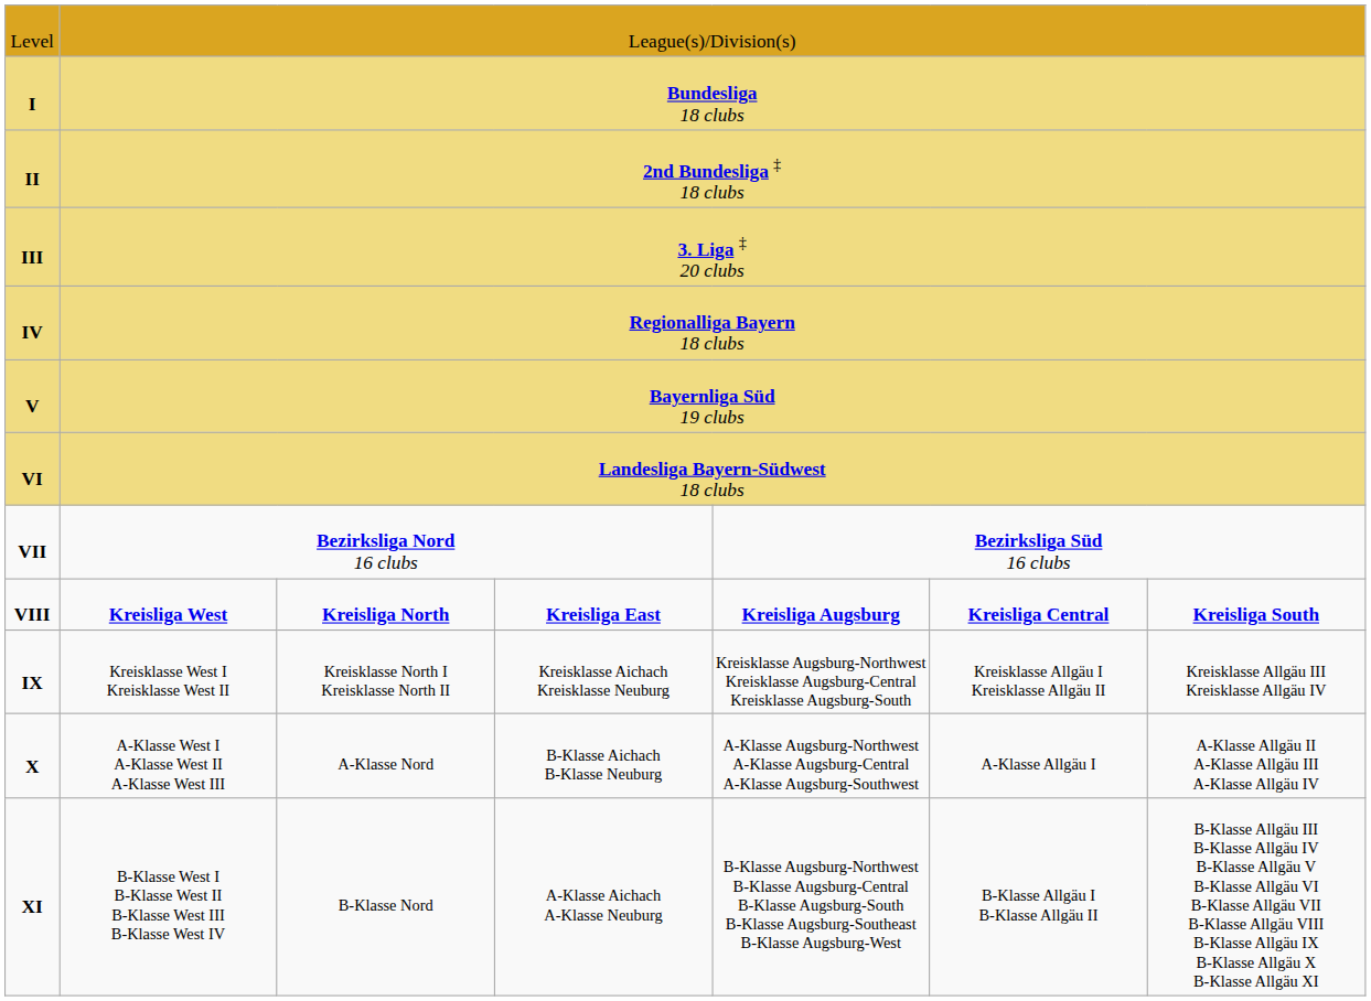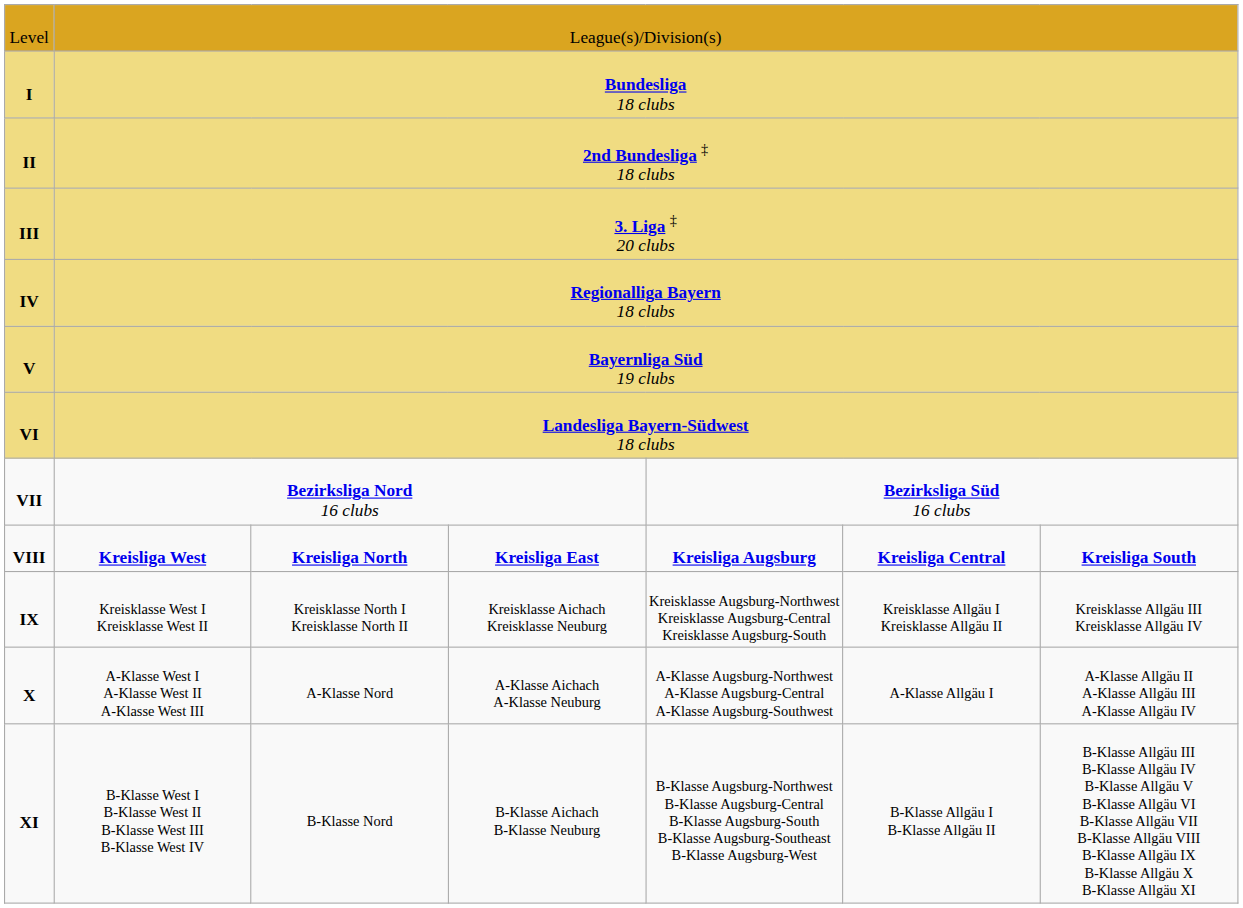 <table class="wikitable" style="text-align: center;">
 <tr>
 <td colspan="1" width="4%" bgcolor="#DAA520"><br>Level</td>
 <td colspan="28" width="96%" bgcolor="#DAA520"><br>League(s)/Division(s)</td>
 </tr>
 <tr>
 <td colspan="1" width="4%"  bgcolor="#F0DC82"><br><strong>I</strong></td>
 <td colspan="28" width="96%" bgcolor="#F0DC82"><br><strong><a href='#'>Bundesliga</a></strong><br> <em>18 clubs</em></td>
 </tr>
 <tr>
 <td colspan="1" width="4%"  bgcolor="#F0DC82"><br><strong>II</strong></td>
 <td colspan="28" width="96%" bgcolor="#F0DC82"><br><strong><a href='#'>2nd Bundesliga</a></strong> <sup>‡</sup><br> <em>18 clubs</em></td>
 </tr>
 <tr>
 <td colspan="1" width="4%"  bgcolor="#F0DC82"><br><strong>III</strong></td>
 <td colspan="28" width="96%" bgcolor="#F0DC82"><br><strong><a href='#'>3. Liga</a></strong> <sup>‡</sup><br> <em>20 clubs</em></td>
 </tr>
 <tr>
 <td colspan="1" width="4%"  bgcolor="#F0DC82"><br><strong>IV</strong></td>
 <td colspan="28" width="96%" bgcolor="#F0DC82"><br><strong><a href='#'>Regionalliga Bayern</a></strong><br> <em>18 clubs</em></td>
 </tr>
 <tr>
 <td colspan="1" width="4%"  bgcolor="#F0DC82"><br><strong>V</strong></td>
 <td colspan="28" width="96%" bgcolor="#F0DC82"><br><strong><a href='#'>Bayernliga Süd</a></strong><br> <em>19 clubs</em></td>
 </tr>
 <tr>
 <td colspan="1" width="4%" bgcolor="#F0DC82"><br><strong>VI</strong></td>
 <td colspan="28" width="96%" bgcolor="#F0DC82"><br><strong><a href='#'>Landesliga Bayern-Südwest</a></strong><br> <em>18 clubs</em></td>
 </tr>
 <tr>
 <td colspan="1" width="4%"><br><strong>VII</strong></td>
 <td colspan="3" width="48%"><br><strong><a href='#'>Bezirksliga Nord</a></strong><br> <em>16 clubs</em></td>
 <td colspan="3" width="48%"><br><strong><a href='#'>Bezirksliga Süd</a></strong><br> <em>16 clubs</em></td>
 </tr>
 <tr>
 <td colspan="1" width="4%"><br><strong>VIII</strong></td>
 <td colspan="1" width="16%"><br><strong><a href='#'>Kreisliga West</a></strong><br></td>
 <td colspan="1" width="16%"><br><strong><a href='#'>Kreisliga North</a></strong><br></td>
 <td colspan="1" width="16%"><br><strong><a href='#'>Kreisliga East</a></strong><br></td>
 <td colspan="1" width="16%"><br><strong><a href='#'>Kreisliga Augsburg</a></strong><br></td>
 <td colspan="1" width="16%"><br><strong><a href='#'>Kreisliga Central</a></strong><br></td>
 <td colspan="1" width="16%"><br><strong><a href='#'>Kreisliga South</a></strong><br></td>
 </tr>
 <tr>
 <td colspan="1" width="4%"><br><strong>IX</strong></td>
 <td colspan="1" width="16%" style="font-size: smaller;"><br>Kreisklasse West I<br> Kreisklasse West II<br></td>
 <td colspan="1" width="16%" style="font-size: smaller;"><br>Kreisklasse North I<br> Kreisklasse North II<br></td>
 <td colspan="1" width="16%" style="font-size: smaller;"><br>Kreisklasse Aichach<br> Kreisklasse Neuburg<br></td>
 <td colspan="1" width="16%" style="font-size: smaller;"><br>Kreisklasse Augsburg-Northwest<br> Kreisklasse Augsburg-Central<br> Kreisklasse Augsburg-South<br></td>
 <td colspan="1" width="16%" style="font-size: smaller;"><br>Kreisklasse Allgäu I<br> Kreisklasse Allgäu II<br></td>
 <td colspan="1" width="16%" style="font-size: smaller;"><br>Kreisklasse Allgäu III<br> Kreisklasse Allgäu IV<br></td>
 </tr>
 <tr>
 <td colspan="1" width="4%"><br><strong>X</strong></td>
 <td colspan="1" width="16%" style="font-size: smaller;"><br>A-Klasse West I<br> A-Klasse West II<br> A-Klasse West III<br></td>
 <td colspan="1" width="16%" style="font-size: smaller;"><br>A-Klasse Nord<br></td>
-<td colspan="1" width="16%" style="font-size: smaller;"><br>B-Klasse Aichach<br> B-Klasse Neuburg<br></td>
+<td colspan="1" width="16%" style="font-size: smaller;"><br>A-Klasse Aichach<br> A-Klasse Neuburg<br></td>
 <td colspan="1" width="16%" style="font-size: smaller;"><br>A-Klasse Augsburg-Northwest<br> A-Klasse Augsburg-Central<br> A-Klasse Augsburg-Southwest<br></td>
 <td colspan="1" width="16%" style="font-size: smaller;"><br>A-Klasse Allgäu I<br></td>
 <td colspan="1" width="16%" style="font-size: smaller;"><br>A-Klasse Allgäu II<br> A-Klasse Allgäu III<br> A-Klasse Allgäu IV<br></td>
 </tr>
 <tr>
 <td colspan="1" width="4%"><br><strong>XI</strong></td>
 <td colspan="1" width="16%" style="font-size: smaller;"><br>B-Klasse West I<br> B-Klasse West II<br> B-Klasse West III<br> B-Klasse West IV<br></td>
 <td colspan="1" width="16%" style="font-size: smaller;"><br>B-Klasse Nord<br></td>
-<td colspan="1" width="16%" style="font-size: smaller;"><br>A-Klasse Aichach<br> A-Klasse Neuburg<br></td>
+<td colspan="1" width="16%" style="font-size: smaller;"><br>B-Klasse Aichach<br> B-Klasse Neuburg<br></td>
 <td colspan="1" width="16%" style="font-size: smaller;"><br>B-Klasse Augsburg-Northwest<br> B-Klasse Augsburg-Central<br> B-Klasse Augsburg-South<br> B-Klasse Augsburg-Southeast<br> B-Klasse Augsburg-West<br></td>
 <td colspan="1" width="16%" style="font-size: smaller;"><br>B-Klasse Allgäu I<br> B-Klasse Allgäu II<br></td>
 <td colspan="1" width="16%" style="font-size: smaller;"><br>B-Klasse Allgäu III<br> B-Klasse Allgäu IV<br> B-Klasse Allgäu V<br> B-Klasse Allgäu VI<br> B-Klasse Allgäu VII<br> B-Klasse Allgäu VIII<br> B-Klasse Allgäu IX<br> B-Klasse Allgäu X<br> B-Klasse Allgäu XI</td>
 </tr>
 </table>
